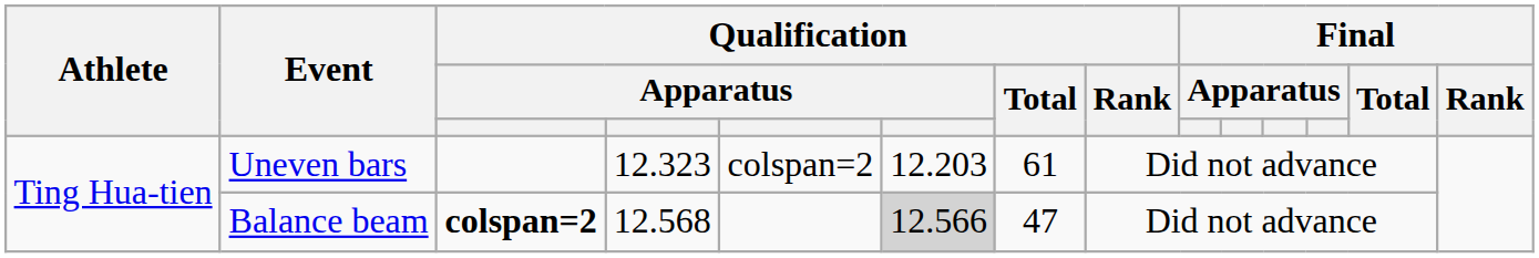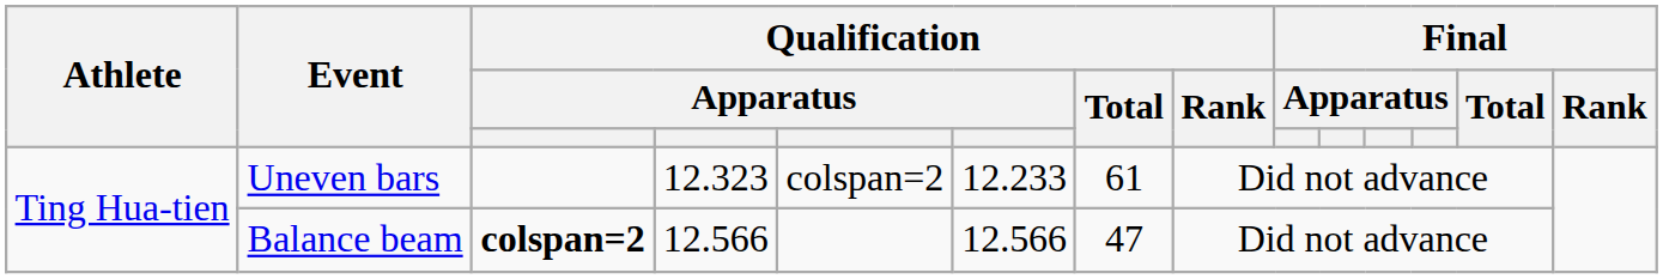 <table class="wikitable" style="font-size:90%; text-align:center">
 <tr>
 <th rowspan="3">Athlete</th>
 <th rowspan="3">Event</th>
 <th colspan="6">Qualification</th>
 <th colspan="6">Final</th>
 </tr>
 <tr style="font-size:95%">
 <th colspan="4">Apparatus</th>
 <th rowspan="2">Total</th>
 <th rowspan="2">Rank</th>
 <th colspan="4">Apparatus</th>
 <th rowspan="2">Total</th>
 <th rowspan="2">Rank</th>
 </tr>
 <tr style="font-size:95%">
 <th></th>
 <th></th>
 <th></th>
 <th></th>
 <th></th>
 <th></th>
 <th></th>
 <th></th>
 </tr>
 <tr>
 <td align="left" rowspan=2><a href='#'>Ting Hua-tien</a></td>
 <td align="left"><a href='#'>Uneven bars</a></td>
 <td></td>
 <td>12.323</td>
 <td>colspan=2 </td>
-<td>12.203</td>
+<td>12.233</td>
 <td>61</td>
 <td colspan="6">Did not advance</td>
 </tr>
 <tr>
 <td align="left"><a href='#'>Balance beam</a></td>
 <td><strong>colspan=2 </strong></td>
-<td>12.568</td>
+<td>12.566</td>
 <td></td>
-<td style="background: lightgrey;">12.566</td>
+<td>12.566</td>
 <td>47</td>
 <td colspan="6">Did not advance</td>
 </tr>
 </table>
